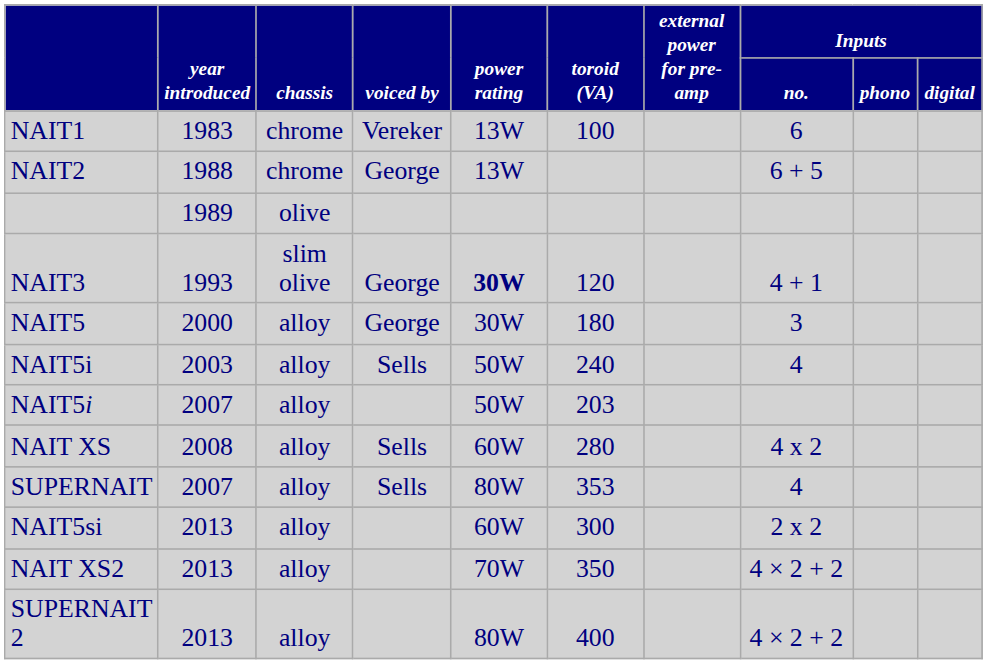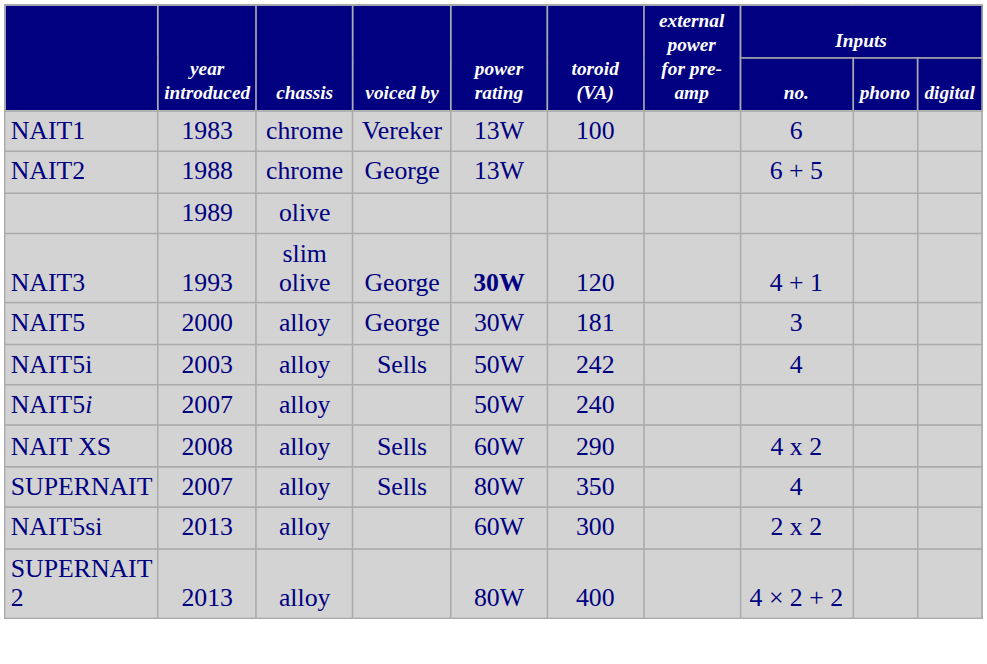 <table class="wikitable">
 <tr style="background-color:#000080;font-size:9pt;font-weight:bold;font-style:Italic;color:#FFFFFF" align="center" valign="bottom">
 <td style="font-style:Italic" width="15%" rowspan="2" height="19"> </td>
 <td style="font-style:Italic" width="10%" rowspan="2">year introduced</td>
 <td style="font-style:Italic" width="10%" rowspan="2">chassis</td>
 <td style="font-style:Italic" width="10%" rowspan="2">voiced by</td>
 <td style="font-style:Italic" width="10%" rowspan="2">power rating</td>
 <td style="font-style:Italic" width="10%" rowspan="2">toroid (VA)</td>
 <td style="font-style:Italic" width="10%" rowspan="2">external power<br>for pre-amp</td>
 <td style="font-style:Italic" width="25%" colspan="3">Inputs</td>
 </tr>
 <tr style="background-color:#000080;font-size:9pt;font-weight:bold;font-style:Italic;color:#FFFFFF" align="center" valign="bottom">
 <td style="font-style:Italic">no.</td>
 <td style="font-style:Italic">phono</td>
 <td style="font-style:Italic">digital</td>
 </tr>
 <tr style="background-color:#D3D3D3;color:#000080">
 <td style="text-decoration:none" height="13"  valign="bottom">NAIT1</td>
 <td align="center" valign="bottom">1983</td>
 <td align="center" valign="bottom">chrome</td>
 <td align="center" valign="bottom">Vereker</td>
 <td align="center" valign="bottom">13W</td>
 <td align="center" valign="bottom">100</td>
 <td align="center" valign="bottom"></td>
 <td align="center" valign="bottom">6</td>
 <td align="center" valign="bottom"></td>
 <td align="center" valign="bottom"></td>
 </tr>
 <tr style="background-color:#D3D3D3;color:#000080">
 <td height="13"  valign="bottom">NAIT2</td>
 <td align="center" valign="bottom">1988</td>
 <td align="center" valign="bottom">chrome</td>
 <td align="center" valign="bottom">George</td>
 <td align="center" valign="bottom">13W</td>
 <td align="center" valign="bottom"> </td>
 <td align="center" valign="bottom"></td>
 <td align="center" valign="bottom">6 + 5</td>
 <td align="center" valign="bottom"></td>
 <td align="center" valign="bottom"></td>
 </tr>
 <tr style="background-color:#D3D3D3;color:#000080">
 <td height="13"  valign="bottom"> </td>
 <td align="center" valign="bottom">1989</td>
 <td align="center" valign="bottom">olive</td>
 <td align="center" valign="bottom"> </td>
 <td align="center" valign="bottom"> </td>
 <td align="center" valign="bottom"> </td>
 <td align="center" valign="bottom"></td>
 <td align="center" valign="bottom"> </td>
 <td align="center" valign="bottom"> </td>
 <td align="center" valign="bottom"> </td>
 </tr>
 <tr style="background-color:#D3D3D3;color:#000080">
 <td height="13"  valign="bottom">NAIT3</td>
 <td align="center" valign="bottom">1993</td>
 <td align="center" valign="bottom">slim olive</td>
 <td align="center" valign="bottom">George</td>
 <td align="center" valign="bottom"><strong>30W</strong></td>
 <td align="center" valign="bottom">120</td>
 <td align="center" valign="bottom"></td>
 <td align="center" valign="bottom">4 + 1</td>
 <td align="center" valign="bottom"></td>
 <td align="center" valign="bottom"></td>
 </tr>
 <tr style="background-color:#D3D3D3;color:#000080">
 <td height="13"  valign="bottom">NAIT5</td>
 <td align="center" valign="bottom">2000</td>
 <td align="center" valign="bottom">alloy</td>
 <td align="center" valign="bottom">George</td>
 <td align="center" valign="bottom">30W</td>
-<td align="center" valign="bottom">180</td>
+<td align="center" valign="bottom">181</td>
 <td align="center" valign="bottom"></td>
 <td align="center" valign="bottom">3</td>
 <td align="center" valign="bottom"></td>
 <td align="center" valign="bottom"></td>
 </tr>
 <tr style="background-color:#D3D3D3;color:#000080">
 <td height="13"  valign="bottom">NAIT5i</td>
 <td align="center" valign="bottom">2003</td>
 <td align="center" valign="bottom">alloy</td>
 <td align="center" valign="bottom">Sells</td>
 <td align="center" valign="bottom">50W</td>
-<td align="center" valign="bottom">240</td>
+<td align="center" valign="bottom">242</td>
 <td align="center" valign="bottom"></td>
 <td align="center" valign="bottom">4</td>
 <td align="center" valign="bottom"></td>
 <td align="center" valign="bottom"></td>
 </tr>
 <tr style="background-color:#D3D3D3;color:#000080">
 <td height="13"  valign="bottom">NAIT5<em>i</em></td>
 <td align="center" valign="bottom">2007</td>
 <td align="center" valign="bottom">alloy</td>
 <td align="center" valign="bottom"> </td>
 <td align="center" valign="bottom">50W</td>
-<td align="center" valign="bottom">203</td>
+<td align="center" valign="bottom">240</td>
 <td align="center" valign="bottom"></td>
 <td align="center" valign="bottom"> </td>
 <td align="center" valign="bottom"> </td>
 <td align="center" valign="bottom"> </td>
 </tr>
 <tr style="background-color:#D3D3D3;color:#000080">
 <td height="13"  valign="bottom">NAIT XS</td>
 <td align="center" valign="bottom">2008</td>
 <td align="center" valign="bottom">alloy</td>
 <td align="center" valign="bottom">Sells</td>
 <td align="center" valign="bottom">60W</td>
-<td align="center" valign="bottom">280</td>
+<td align="center" valign="bottom">290</td>
 <td align="center" valign="bottom"></td>
 <td align="center" valign="bottom">4 x 2</td>
 <td align="center" valign="bottom"></td>
 <td align="center" valign="bottom"></td>
 </tr>
 <tr style="background-color:#D3D3D3;color:#000080">
 <td height="13"  valign="bottom">SUPERNAIT</td>
 <td align="center" valign="bottom">2007</td>
 <td align="center" valign="bottom">alloy</td>
 <td align="center" valign="bottom">Sells</td>
 <td align="center" valign="bottom">80W</td>
-<td align="center" valign="bottom">353</td>
+<td align="center" valign="bottom">350</td>
 <td align="center" valign="bottom"></td>
 <td align="center" valign="bottom">4</td>
 <td align="center" valign="bottom"></td>
 <td align="center" valign="bottom"></td>
 </tr>
 <tr style="background-color:#D3D3D3;color:#000080">
 <td height="13"  valign="bottom">NAIT5si</td>
 <td align="center" valign="bottom">2013</td>
 <td align="center" valign="bottom">alloy</td>
 <td align="center" valign="bottom"> </td>
 <td align="center" valign="bottom">60W</td>
 <td align="center" valign="bottom">300</td>
 <td align="center" valign="bottom"></td>
 <td align="center" valign="bottom">2 x 2</td>
 <td align="center" valign="bottom"></td>
 <td align="center" valign="bottom"></td>
 </tr>
 <tr style="background-color:#D3D3D3;color:#000080">
-<td height="13"  valign="bottom">NAIT XS2</td>
-<td align="center" valign="bottom">2013</td>
-<td align="center" valign="bottom">alloy</td>
-<td align="center" valign="bottom"> </td>
-<td align="center" valign="bottom">70W</td>
-<td align="center" valign="bottom">350</td>
-<td align="center" valign="bottom"></td>
-<td align="center" valign="bottom">4 × 2 + 2</td>
-<td align="center" valign="bottom"></td>
-<td align="center" valign="bottom"></td>
-</tr>
-<tr style="background-color:#D3D3D3;color:#000080">
 <td height="14"  valign="bottom">SUPERNAIT 2</td>
 <td align="center" valign="bottom">2013</td>
 <td align="center" valign="bottom">alloy</td>
 <td align="center" valign="bottom"> </td>
 <td align="center" valign="bottom">80W</td>
 <td align="center" valign="bottom">400</td>
 <td align="center" valign="bottom"></td>
 <td align="center" valign="bottom">4 × 2 + 2</td>
 <td align="center" valign="bottom"></td>
 <td align="center" valign="bottom"></td>
 </tr>
 </table>
